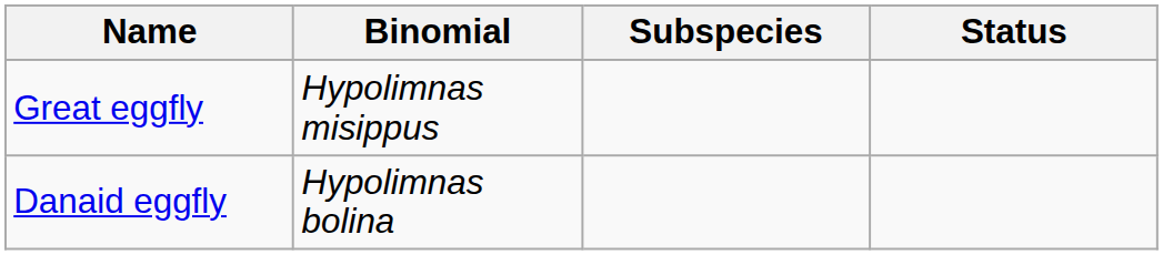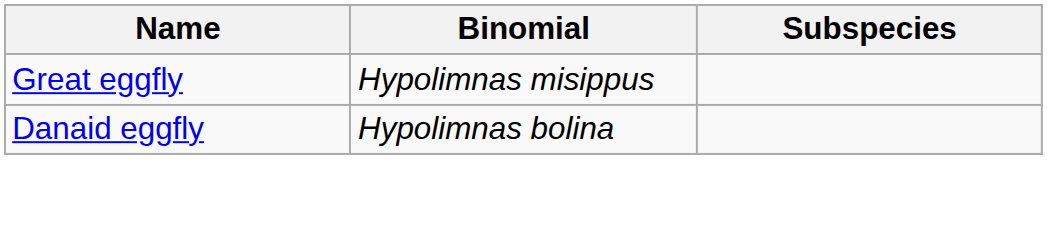 <table width=60% class="wikitable">
 <tr>
 <th width=20%>Name</th>
 <th width=20%>Binomial</th>
 <th width=20%>Subspecies</th>
-<th width=20%>Status</th>
 </tr>
 <tr>
 <td><a href='#'>Great eggfly</a><br>   </td>
 <td><em>Hypolimnas misippus</em></td>
-<td></td>
 <td></td>
 </tr>
 <tr>
 <td><a href='#'>Danaid eggfly</a><br>   </td>
 <td><em>Hypolimnas bolina</em></td>
 <td></td>
-<td></td>
 </tr>
 </table>
